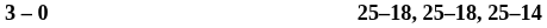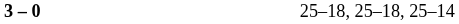 <table width=100% cellspacing=1>
 <tr>
 <th width=20%></th>
 <th width=12%></th>
 <th width=20%></th>
 <th width=33%></th>
 <td></td>
 </tr>
 <tr style=font-size:95%>
 <td align=right><strong></strong></td>
 <td align=center><strong>3 – 0</strong></td>
 <td></td>
-<td><strong>25–18, 25–18, 25–14</strong></td>
+<td>25–18, 25–18, 25–14</td>
 </tr>
 </table>
